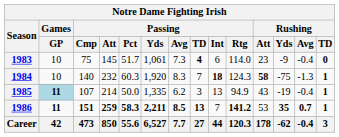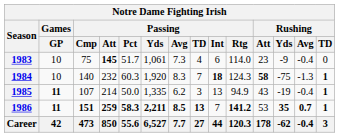 <table class="wikitable" style="text-align:center;">
 <tr>
 <th colspan="17">Notre Dame Fighting Irish</th>
 </tr>
 <tr>
 <th rowspan="2">Season</th>
 <th>Games</th>
 <th colspan="8">Passing</th>
 <th colspan="4">Rushing</th>
 </tr>
 <tr>
 <th>GP</th>
 <th>Cmp</th>
 <th>Att</th>
 <th>Pct</th>
 <th>Yds</th>
 <th>Avg</th>
 <th>TD</th>
 <th>Int</th>
 <th>Rtg</th>
 <th>Att</th>
 <th>Yds</th>
 <th>Avg</th>
 <th>TD</th>
 </tr>
 <tr>
 <th><a href='#'>1983</a></th>
 <td>10</td>
 <td>75</td>
-<td>145</td>
+<td><strong>145</strong></td>
 <td>51.7</td>
 <td>1,061</td>
 <td>7.3</td>
-<td><strong>4</strong></td>
+<td>4</td>
 <td>6</td>
 <td>114.0</td>
 <td>23</td>
 <td>-9</td>
 <td>-0.4</td>
-<td><strong>0</strong></td>
+<td>0</td>
 </tr>
 <tr>
 <th><a href='#'>1984</a></th>
 <td>10</td>
 <td>140</td>
 <td>232</td>
 <td>60.3</td>
 <td>1,920</td>
 <td>8.3</td>
 <td>7</td>
 <td><strong>18</strong></td>
 <td>124.3</td>
 <td><strong>58</strong></td>
 <td>-75</td>
 <td>-1.3</td>
 <td><strong>1</strong></td>
 </tr>
 <tr>
 <th><a href='#'>1985</a></th>
-<td style="background: lightblue;"><strong>11</strong></td>
+<td><strong>11</strong></td>
 <td>107</td>
 <td>214</td>
 <td>50.0</td>
 <td>1,335</td>
 <td>6.2</td>
 <td>3</td>
 <td>13</td>
 <td>94.9</td>
 <td>43</td>
 <td>-19</td>
 <td>-0.4</td>
 <td><strong>1</strong></td>
 </tr>
 <tr>
 <th><a href='#'>1986</a></th>
 <td><strong>11</strong></td>
 <td><strong>151</strong></td>
 <td><strong>259</strong></td>
 <td><strong>58.3</strong></td>
 <td><strong>2,211</strong></td>
 <td><strong>8.5</strong></td>
 <td><strong>13</strong></td>
 <td>7</td>
 <td><strong>141.2</strong></td>
 <td>53</td>
 <td><strong>35</strong></td>
 <td><strong>0.7</strong></td>
 <td><strong>1</strong></td>
 </tr>
 <tr>
 <th>Career</th>
 <th>42</th>
 <th>473</th>
 <th>850</th>
 <th>55.6</th>
 <th>6,527</th>
 <th>7.7</th>
 <th>27</th>
 <th>44</th>
 <th>120.3</th>
 <th>178</th>
 <th>-62</th>
 <th>-0.4</th>
 <th>3</th>
 </tr>
 </table>
